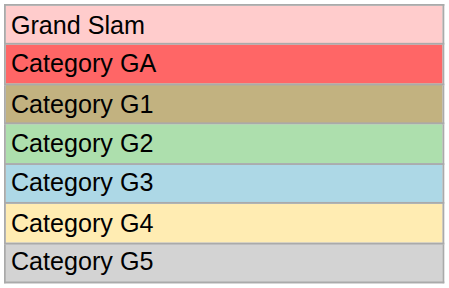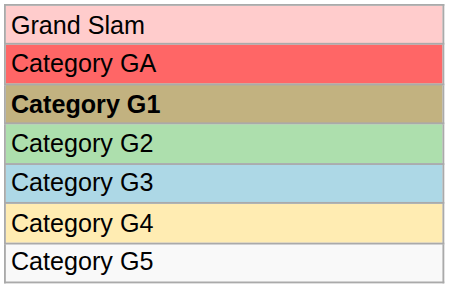 <table class="wikitable" style="font-size:85%;" width=15%>
 <tr style="background:#ffcccc">
 <td>Grand Slam</td>
 </tr>
 <tr style="background:#FF6666">
 <td>Category GA</td>
 </tr>
 <tr style="background:#C2B280">
-<td>Category G1</td>
+<td><strong>Category G1</strong></td>
 </tr>
 <tr style="background:#ADDFAD">
 <td>Category G2</td>
 </tr>
 <tr style="background:lightblue">
 <td>Category G3</td>
 </tr>
 <tr style="background:#ffecb2">
 <td>Category G4</td>
 </tr>
 <tr>
-<td style="background: lightgrey;">Category G5</td>
+<td>Category G5</td>
 </tr>
 </table>
